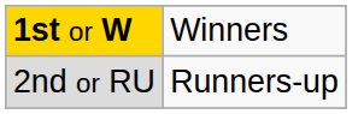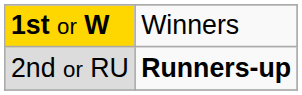 <table class="wikitable" text-align:center">
 <tr>
 <td bgcolor=gold><strong>1st</strong> <small>or</small> <strong>W</strong></td>
 <td>Winners</td>
 </tr>
 <tr>
 <td bgcolor=#DCDCDC>2nd <small>or</small> RU</td>
-<td>Runners-up</td>
+<td><strong>Runners-up</strong></td>
 </tr>
 </table>
